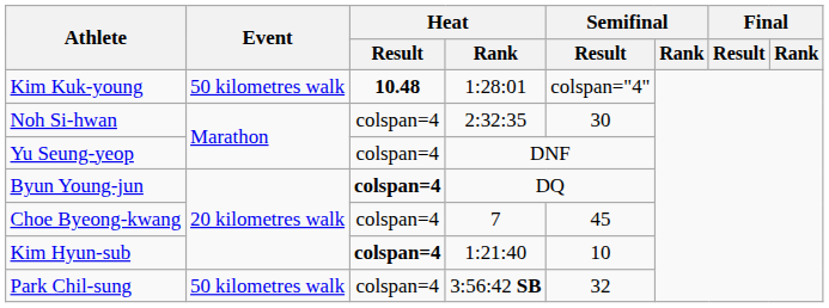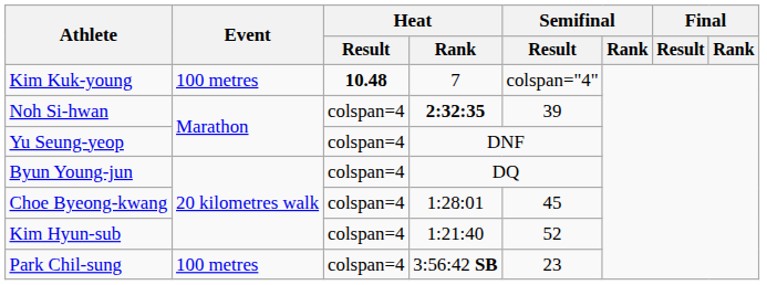 <table class="wikitable" style="font-size:90%">
 <tr>
 <th rowspan="2">Athlete</th>
 <th rowspan="2">Event</th>
 <th colspan="2">Heat</th>
 <th colspan="2">Semifinal</th>
 <th colspan="2">Final</th>
 </tr>
 <tr style="font-size:95%">
 <th>Result</th>
 <th>Rank</th>
 <th>Result</th>
 <th>Rank</th>
 <th>Result</th>
 <th>Rank</th>
 </tr>
 <tr style=text-align:center>
 <td style=text-align:left><a href='#'>Kim Kuk-young</a></td>
-<td style=text-align:left><a href='#'>50 kilometres walk</a></td>
+<td style=text-align:left><a href='#'>100 metres</a></td>
 <td><strong>10.48</strong></td>
-<td>1:28:01</td>
+<td>7</td>
 <td>colspan="4" </td>
 </tr>
 <tr style=text-align:center>
 <td style=text-align:left><a href='#'>Noh Si-hwan</a></td>
 <td style=text-align:left rowspan=2><a href='#'>Marathon</a></td>
 <td>colspan=4 </td>
-<td>2:32:35</td>
-<td>30</td>
+<td><strong>2:32:35</strong></td>
+<td>39</td>
 </tr>
 <tr style=text-align:center>
 <td style=text-align:left><a href='#'>Yu Seung-yeop</a></td>
 <td>colspan=4 </td>
 <td colspan=2>DNF</td>
 </tr>
 <tr style=text-align:center>
 <td style=text-align:left><a href='#'>Byun Young-jun</a></td>
 <td style=text-align:left rowspan=3><a href='#'>20 kilometres walk</a></td>
-<td><strong>colspan=4 </strong></td>
+<td>colspan=4 </td>
 <td colspan=2>DQ</td>
 </tr>
 <tr style=text-align:center>
 <td style=text-align:left><a href='#'>Choe Byeong-kwang</a></td>
 <td>colspan=4 </td>
-<td>7</td>
+<td>1:28:01</td>
 <td>45</td>
 </tr>
 <tr style=text-align:center>
 <td style=text-align:left><a href='#'>Kim Hyun-sub</a></td>
-<td><strong>colspan=4 </strong></td>
+<td>colspan=4 </td>
 <td>1:21:40</td>
-<td>10</td>
+<td>52</td>
 </tr>
 <tr style=text-align:center>
 <td style=text-align:left><a href='#'>Park Chil-sung</a></td>
-<td style=text-align:left><a href='#'>50 kilometres walk</a></td>
+<td style=text-align:left><a href='#'>100 metres</a></td>
 <td>colspan=4 </td>
 <td>3:56:42 <strong>SB</strong></td>
-<td>32</td>
+<td>23</td>
 </tr>
 </table>
